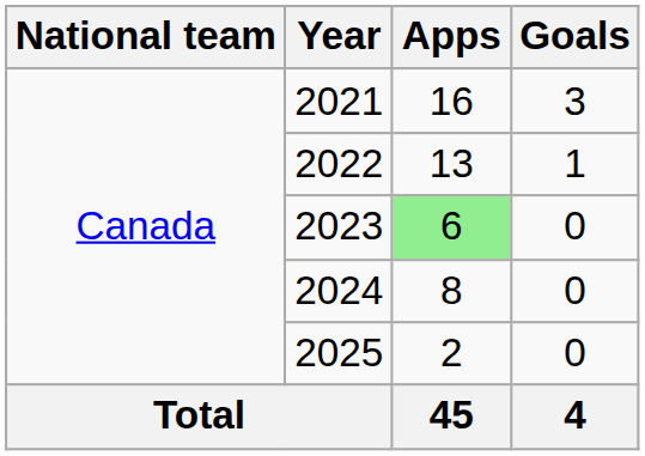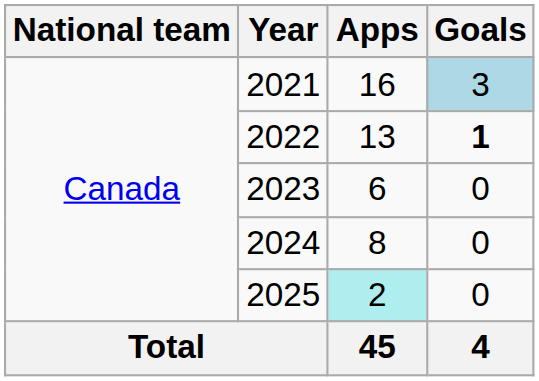 <table class="wikitable" style="text-align:center">
 <tr>
 <th>National team</th>
 <th>Year</th>
 <th>Apps</th>
 <th>Goals</th>
 </tr>
 <tr>
 <td rowspan="5"><a href='#'>Canada</a></td>
 <td>2021</td>
 <td>16</td>
-<td>3</td>
+<td style="background: lightblue;">3</td>
 </tr>
 <tr>
 <td>2022</td>
 <td>13</td>
-<td>1</td>
+<td><strong>1</strong></td>
 </tr>
 <tr>
 <td>2023</td>
-<td style="background: lightgreen;">6</td>
+<td>6</td>
 <td>0</td>
 </tr>
 <tr>
 <td>2024</td>
 <td>8</td>
 <td>0</td>
 </tr>
 <tr>
 <td>2025</td>
-<td>2</td>
+<td style="background: paleturquoise;">2</td>
 <td>0</td>
 </tr>
 <tr>
 <th colspan="2">Total</th>
 <th>45</th>
 <th>4</th>
 </tr>
 </table>
